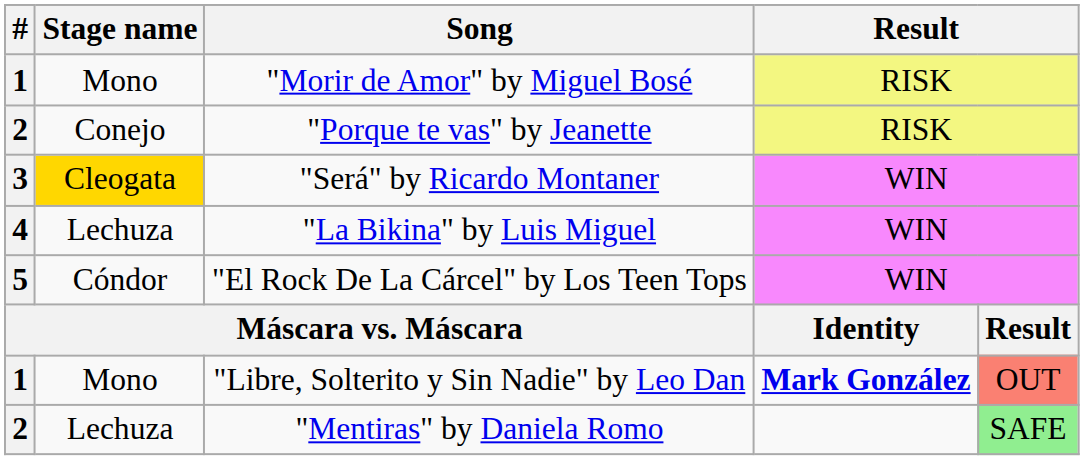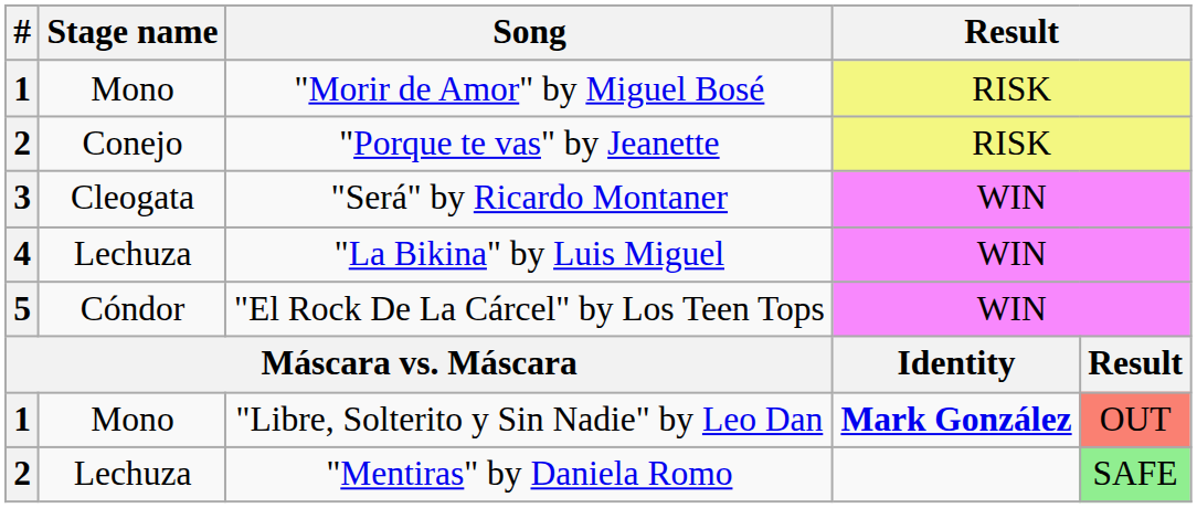 <table class="wikitable plainrowheaders" style="text-align: center;">
 <tr>
 <th>#</th>
 <th>Stage name</th>
 <th>Song</th>
 <th colspan=2>Result</th>
 </tr>
 <tr>
 <th>1</th>
 <td>Mono</td>
 <td>"<a href='#'>Morir de Amor</a>" by <a href='#'>Miguel Bosé</a></td>
 <td colspan=2 bgcolor=#F3F781>RISK</td>
 </tr>
 <tr>
 <th>2</th>
 <td>Conejo</td>
 <td>"<a href='#'>Porque te vas</a>" by <a href='#'>Jeanette</a></td>
 <td colspan=2 bgcolor=#F3F781>RISK</td>
 </tr>
 <tr>
 <th>3</th>
-<td style="background: gold;">Cleogata</td>
+<td>Cleogata</td>
 <td>"Será" by <a href='#'>Ricardo Montaner</a></td>
 <td colspan=2 bgcolor=#F888FD>WIN</td>
 </tr>
 <tr>
 <th>4</th>
 <td>Lechuza</td>
 <td>"<a href='#'>La Bikina</a>" by <a href='#'>Luis Miguel</a></td>
 <td colspan=2 bgcolor=#F888FD>WIN</td>
 </tr>
 <tr>
 <th>5</th>
 <td>Cóndor</td>
 <td>"El Rock De La Cárcel" by Los Teen Tops</td>
 <td colspan=2 bgcolor=#F888FD>WIN</td>
 </tr>
 <tr>
 <th colspan="3">Máscara vs. Máscara</th>
 <th>Identity</th>
 <th>Result</th>
 </tr>
 <tr>
 <th>1</th>
 <td>Mono</td>
 <td>"Libre, Solterito y Sin Nadie" by <a href='#'>Leo Dan</a></td>
 <td><strong><a href='#'>Mark González</a></strong></td>
 <td bgcolor=salmon>OUT</td>
 </tr>
 <tr>
 <th>2</th>
 <td>Lechuza</td>
 <td>"<a href='#'>Mentiras</a>" by <a href='#'>Daniela Romo</a></td>
 <td></td>
 <td bgcolor=lightgreen>SAFE</td>
 </tr>
 </table>
